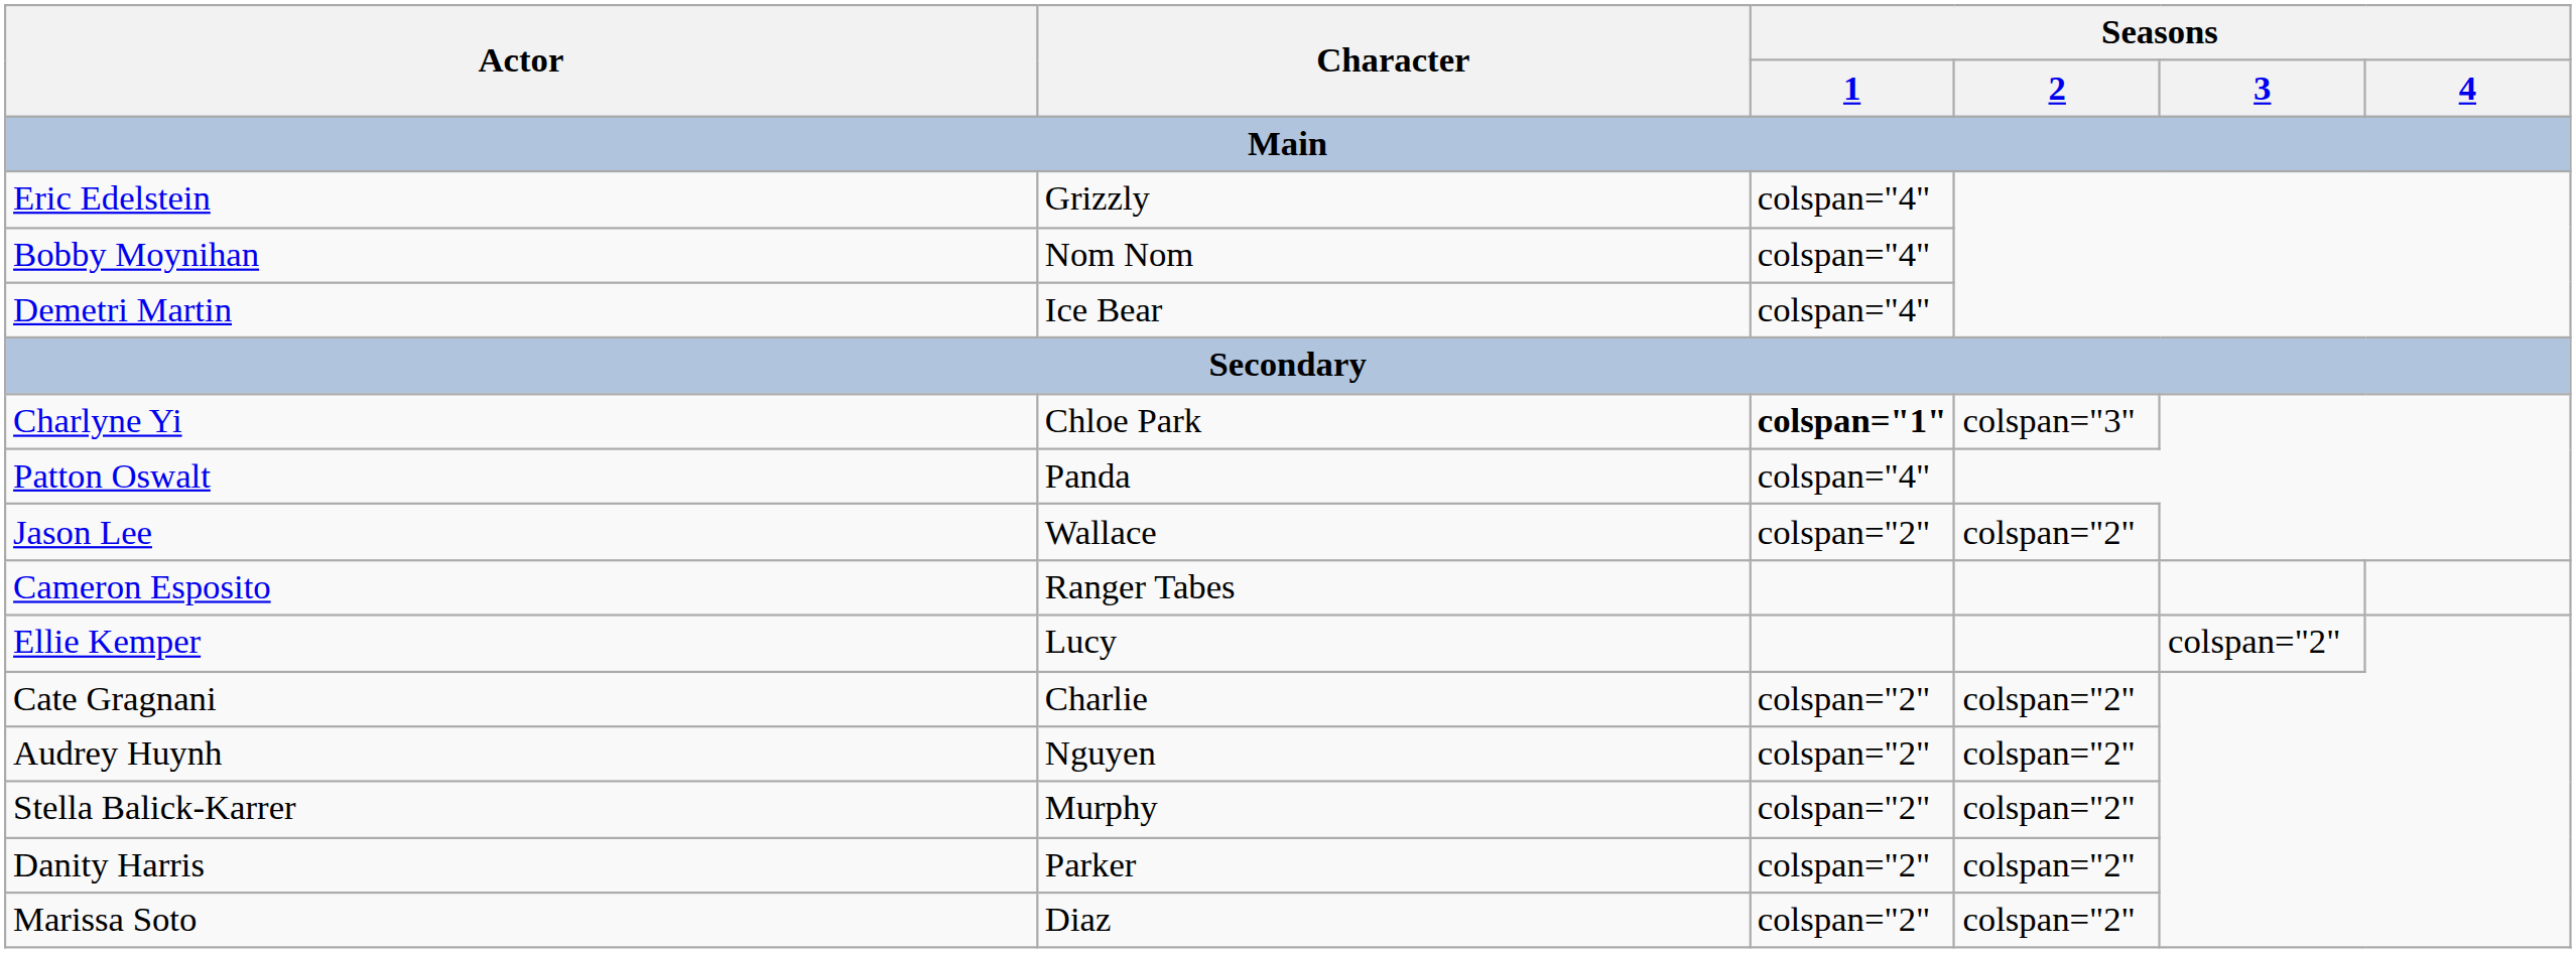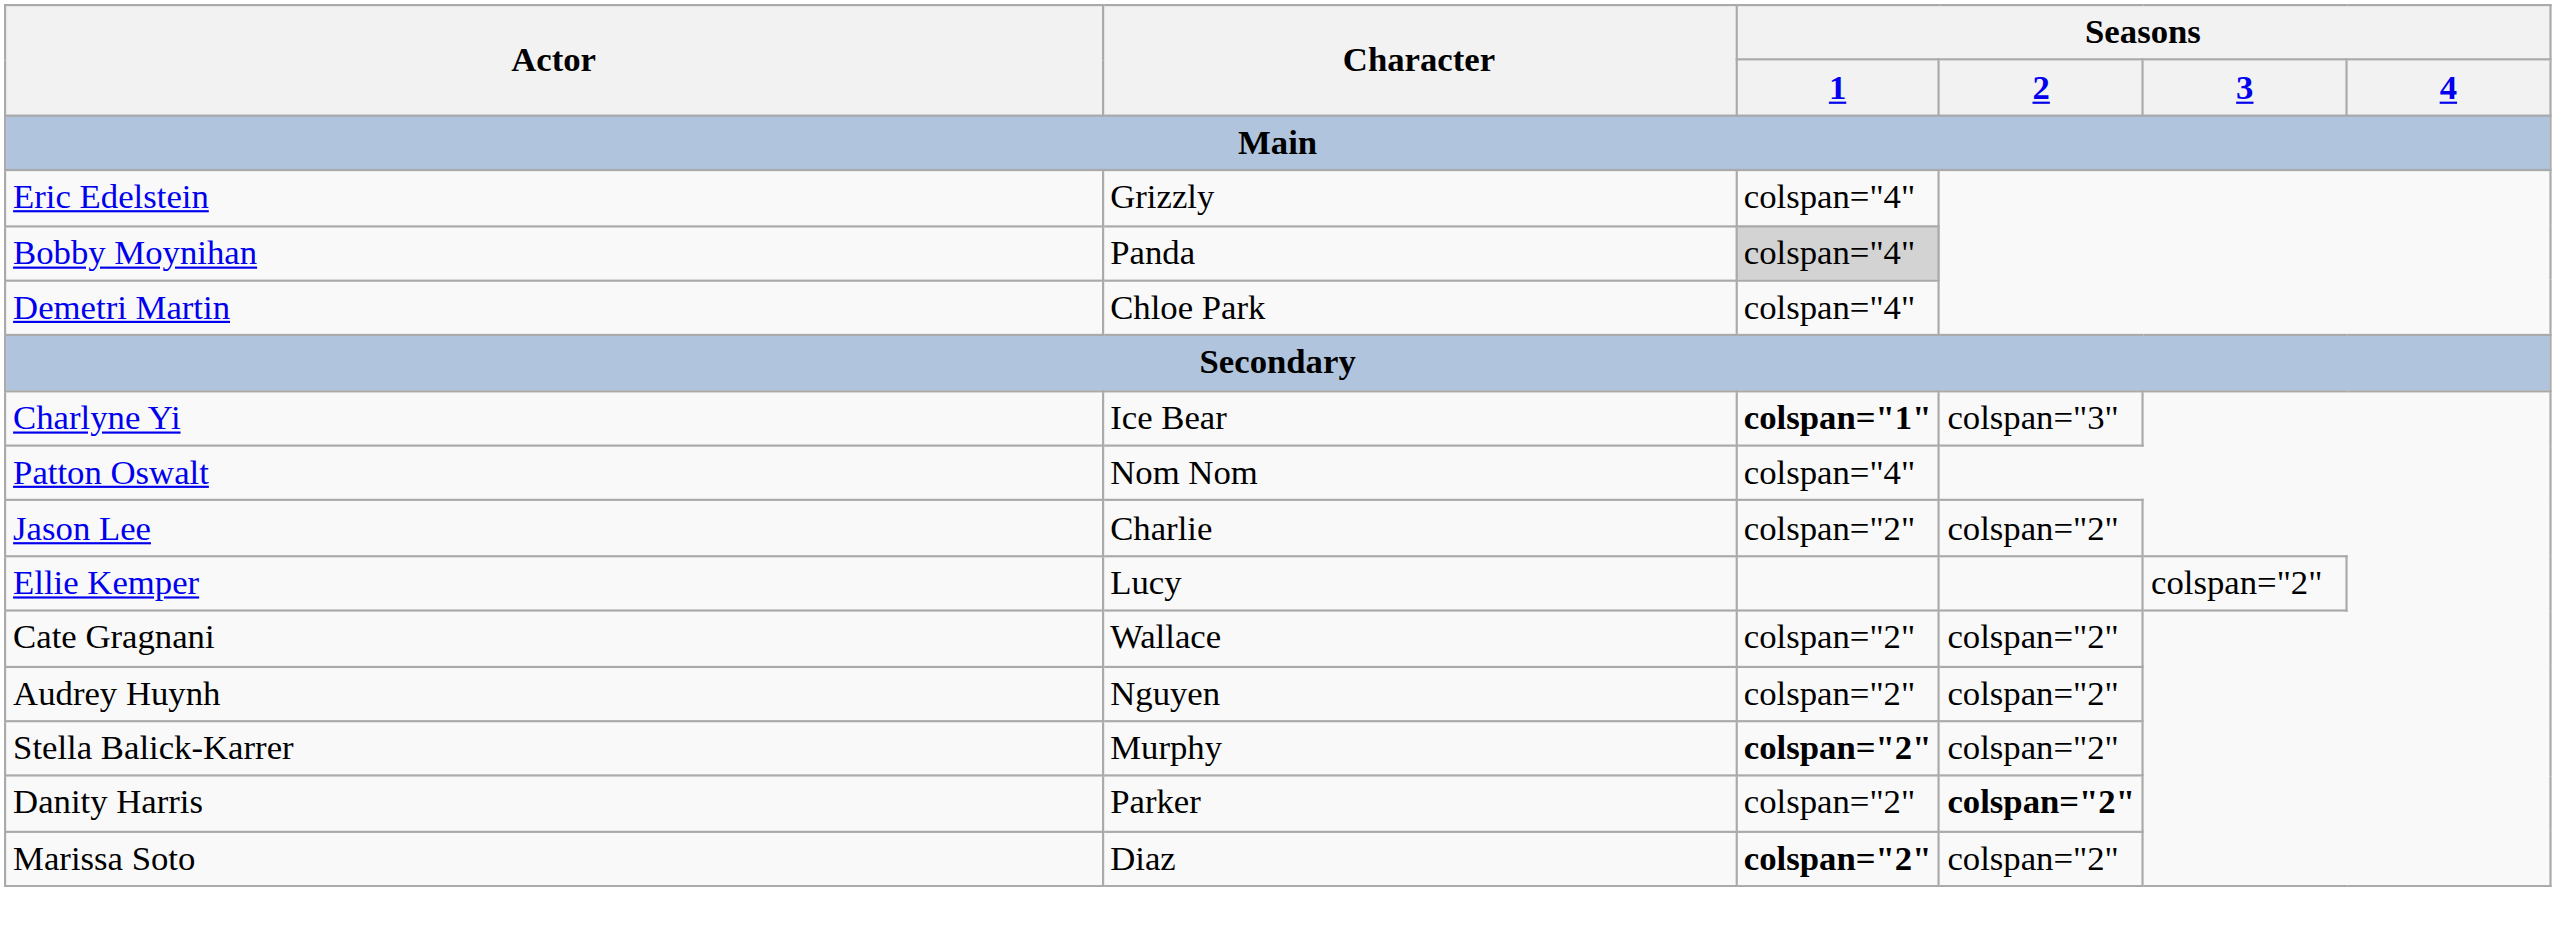 <table class="wikitable plainrowheaders" style="text-align">
 <tr>
 <th scope="col" rowspan="2">Actor</th>
 <th scope="col" rowspan="2">Character</th>
 <th scope="col" colspan="4">Seasons</th>
 </tr>
 <tr>
 <th scope="col" style="width:8%;"><a href='#'>1</a></th>
 <th scope="col" style="width:8%;"><a href='#'>2</a></th>
 <th scope="col" style="width:8%;"><a href='#'>3</a></th>
 <th scope="col" style="width:8%;"><a href='#'>4</a></th>
 </tr>
 <tr>
 <th colspan="6" style="background: LightSteelBlue;">Main</th>
 </tr>
 <tr>
 <td><a href='#'>Eric Edelstein</a></td>
 <td>Grizzly</td>
 <td>colspan="4" </td>
 </tr>
 <tr>
 <td><a href='#'>Bobby Moynihan</a></td>
-<td>Nom Nom</td>
-<td>colspan="4" </td>
+<td>Panda</td>
+<td style="background: lightgrey;">colspan="4" </td>
 </tr>
 <tr>
 <td><a href='#'>Demetri Martin</a></td>
-<td>Ice Bear</td>
+<td>Chloe Park</td>
 <td>colspan="4" </td>
 </tr>
 <tr>
 <th colspan="6" style="background: LightSteelBlue;">Secondary</th>
 </tr>
 <tr>
 <td><a href='#'>Charlyne Yi</a></td>
-<td>Chloe Park</td>
+<td>Ice Bear</td>
 <td><strong>colspan="1" </strong></td>
 <td>colspan="3" </td>
 </tr>
 <tr>
 <td><a href='#'>Patton Oswalt</a></td>
-<td>Panda</td>
+<td>Nom Nom</td>
 <td>colspan="4" </td>
 </tr>
 <tr>
 <td><a href='#'>Jason Lee</a></td>
-<td>Wallace</td>
+<td>Charlie</td>
 <td>colspan="2" </td>
 <td>colspan="2" </td>
-</tr>
-<tr>
-<td><a href='#'>Cameron Esposito</a></td>
-<td>Ranger Tabes</td>
-<td></td>
-<td></td>
-<td></td>
-<td></td>
 </tr>
 <tr>
 <td><a href='#'>Ellie Kemper</a></td>
 <td>Lucy</td>
 <td></td>
 <td></td>
 <td>colspan="2" </td>
 </tr>
 <tr>
 <td>Cate Gragnani</td>
-<td>Charlie</td>
+<td>Wallace</td>
 <td>colspan="2" </td>
 <td>colspan="2" </td>
 </tr>
 <tr>
 <td>Audrey Huynh</td>
 <td>Nguyen</td>
 <td>colspan="2" </td>
 <td>colspan="2" </td>
 </tr>
 <tr>
 <td>Stella Balick-Karrer</td>
 <td>Murphy</td>
-<td>colspan="2" </td>
+<td><strong>colspan="2" </strong></td>
 <td>colspan="2" </td>
 </tr>
 <tr>
 <td>Danity Harris</td>
 <td>Parker</td>
 <td>colspan="2" </td>
-<td>colspan="2" </td>
+<td><strong>colspan="2" </strong></td>
 </tr>
 <tr>
 <td>Marissa Soto</td>
 <td>Diaz</td>
-<td>colspan="2" </td>
+<td><strong>colspan="2" </strong></td>
 <td>colspan="2" </td>
 </tr>
 </table>
